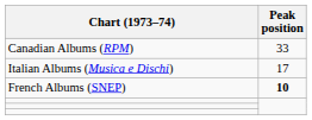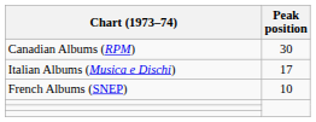 <table class="wikitable sortable">
 <tr>
 <th style="width:20em;">Chart (1973–74)</th>
 <th>Peak<br>position</th>
 </tr>
 <tr>
 <td>Canadian Albums (<em><a href='#'>RPM</a></em>)</td>
-<td style="text-align:center;">33</td>
+<td style="text-align:center;">30</td>
 </tr>
 <tr>
 <td>Italian Albums (<em><a href='#'>Musica e Dischi</a></em>)</td>
 <td align="center">17</td>
 </tr>
 <tr>
 <td>French Albums (<a href='#'>SNEP</a>)</td>
-<td style="text-align:center;"><strong>10</strong></td>
+<td style="text-align:center;">10</td>
 </tr>
 <tr>
 <td></td>
 </tr>
 <tr>
 <td></td>
 </tr>
 <tr>
 <td></td>
 </tr>
 </table>
